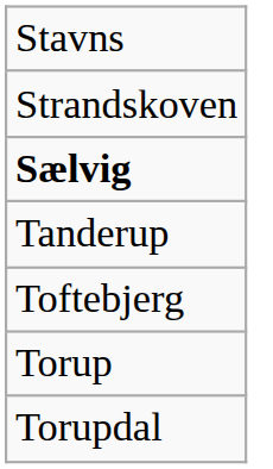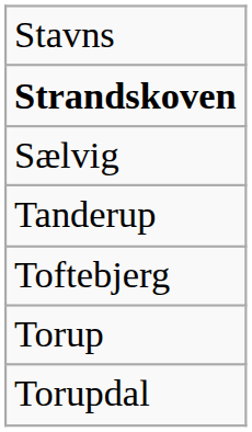 <table class="wikitable" style="float:left; margin-right:1em">
 <tr>
 <td>Stavns</td>
 </tr>
 <tr>
-<td>Strandskoven</td>
+<td><strong>Strandskoven</strong></td>
 </tr>
 <tr>
-<td><strong>Sælvig</strong></td>
+<td>Sælvig</td>
 </tr>
 <tr>
 <td>Tanderup</td>
 </tr>
 <tr>
 <td>Toftebjerg</td>
 </tr>
 <tr>
 <td>Torup</td>
 </tr>
 <tr>
 <td>Torupdal</td>
 </tr>
 </table>
